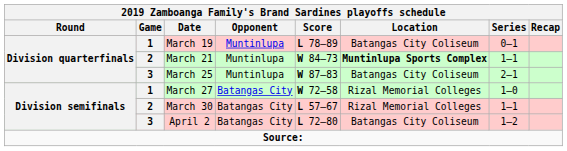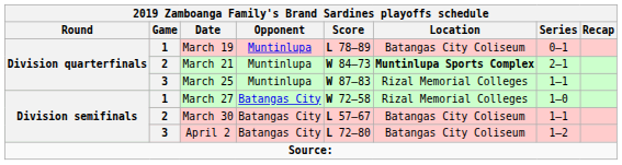 <table class="wikitable" style="text-align:center">
 <tr>
 <th colspan=8>2019 Zamboanga Family's Brand Sardines playoffs schedule</th>
 </tr>
 <tr>
 <th>Round</th>
 <th>Game</th>
 <th>Date</th>
 <th>Opponent</th>
 <th>Score</th>
 <th>Location</th>
 <th>Series</th>
 <th>Recap<br></th>
 </tr>
 <tr style="background:#fcc">
 <th rowspan=3>Division quarterfinals</th>
 <th>1</th>
 <td>March 19</td>
 <td><a href='#'>Muntinlupa</a></td>
 <td><strong>L</strong> 78–89</td>
 <td>Batangas City Coliseum</td>
 <td>0–1</td>
 <td></td>
 </tr>
 <tr style="background:#cfc">
 <th>2</th>
 <td>March 21</td>
 <td>Muntinlupa</td>
 <td><strong>W</strong> 84–73</td>
 <td><strong>Muntinlupa Sports Complex</strong></td>
-<td>1–1</td>
+<td>2–1</td>
 <td></td>
 </tr>
 <tr style="background:#cfc">
 <th>3</th>
 <td>March 25</td>
 <td>Muntinlupa</td>
 <td><strong>W</strong> 87–83</td>
-<td>Batangas City Coliseum</td>
-<td>2–1</td>
+<td>Rizal Memorial Colleges</td>
+<td>1–1</td>
 <td><br></td>
 </tr>
 <tr style="background:#cfc">
 <th rowspan=3>Division semifinals</th>
 <th>1</th>
 <td>March 27</td>
 <td><a href='#'>Batangas City</a></td>
 <td><strong>W</strong> 72–58</td>
 <td>Rizal Memorial Colleges</td>
 <td>1–0</td>
 <td></td>
 </tr>
 <tr style="background:#fcc">
 <th>2</th>
 <td>March 30</td>
 <td>Batangas City</td>
 <td><strong>L</strong> 57–67</td>
-<td>Rizal Memorial Colleges</td>
+<td>Batangas City Coliseum</td>
 <td>1–1</td>
 <td></td>
 </tr>
 <tr style="background:#fcc">
 <th>3</th>
 <td>April 2</td>
 <td>Batangas City</td>
 <td><strong>L</strong> 72–80</td>
 <td>Batangas City Coliseum</td>
 <td>1–2</td>
 <td></td>
 </tr>
 <tr>
 <td colspan=8 align=center><strong>Source: </strong></td>
 </tr>
 </table>
